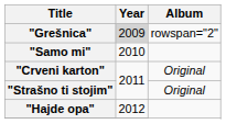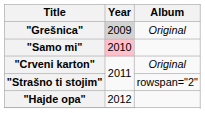 <table class="wikitable plainrowheaders" style="text-align:center;">
 <tr>
 <th>Title</th>
 <th>Year</th>
 <th>Album</th>
 </tr>
 <tr>
 <th scope="row">"Grešnica"</th>
 <td style="background: lightgrey;">2009</td>
-<td>rowspan="2" </td>
+<td><em>Original</em></td>
 </tr>
 <tr>
 <th scope="row">"Samo mi"</th>
-<td>2010</td>
+<td style="background: pink;">2010</td>
 </tr>
 <tr>
 <th scope="row">"Crveni karton"<br></th>
 <td rowspan="2">2011</td>
 <td><em>Original</em></td>
 </tr>
 <tr>
 <th scope="row">"Strašno ti stojim"</th>
-<td><em>Original</em></td>
+<td>rowspan="2" </td>
 </tr>
 <tr>
 <th scope="row">"Hajde opa"</th>
 <td>2012</td>
 </tr>
 <tr>
 </tr>
 </table>
